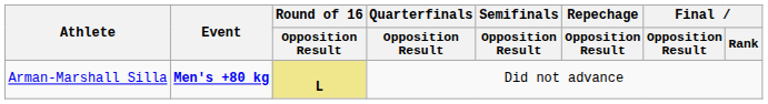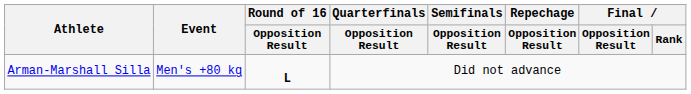 <table class="wikitable" style="font-size:90%;">
 <tr>
 <th rowspan=2>Athlete</th>
 <th rowspan=2>Event</th>
 <th>Round of 16</th>
 <th>Quarterfinals</th>
 <th>Semifinals</th>
 <th>Repechage</th>
 <th colspan=2>Final / </th>
 </tr>
 <tr style="font-size:95%">
 <th>Opposition<br>Result</th>
 <th>Opposition<br>Result</th>
 <th>Opposition<br>Result</th>
 <th>Opposition<br>Result</th>
 <th>Opposition<br>Result</th>
 <th>Rank</th>
 </tr>
 <tr align=center>
 <td align=left><a href='#'>Arman-Marshall Silla</a></td>
-<td align=left><strong><a href='#'>Men's +80 kg</a></strong></td>
-<td style="background: khaki;"><br><strong>L</strong> </td>
+<td align=left><a href='#'>Men's +80 kg</a></td>
+<td><br><strong>L</strong> </td>
 <td colspan=5>Did not advance</td>
 </tr>
 </table>
